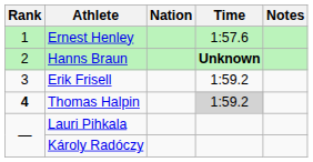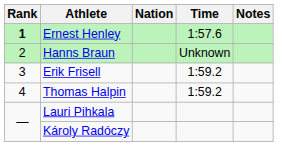 <table class="wikitable sortable" style="text-align:center">
 <tr>
 <th>Rank</th>
 <th>Athlete</th>
 <th>Nation</th>
 <th>Time</th>
 <th>Notes</th>
 </tr>
 <tr bgcolor=bbf3bb>
-<td>1</td>
+<td><strong>1</strong></td>
 <td align=left><a href='#'>Ernest Henley</a></td>
 <td align=left></td>
 <td>1:57.6</td>
 <td></td>
 </tr>
 <tr bgcolor=bbf3bb>
 <td>2</td>
 <td align=left><a href='#'>Hanns Braun</a></td>
 <td align=left></td>
-<td data-sort-value=1:58.0><strong>Unknown</strong></td>
+<td data-sort-value=1:58.0>Unknown</td>
 <td></td>
 </tr>
 <tr>
 <td>3</td>
 <td align=left><a href='#'>Erik Frisell</a></td>
 <td align=left></td>
 <td>1:59.2</td>
 <td></td>
 </tr>
 <tr>
-<td><strong>4</strong></td>
+<td>4</td>
 <td align=left><a href='#'>Thomas Halpin</a></td>
 <td align=left></td>
-<td style="background: lightgrey;">1:59.2</td>
+<td>1:59.2</td>
 <td></td>
 </tr>
 <tr>
 <td rowspan=2 data-sort-value=5>—</td>
 <td align=left><a href='#'>Lauri Pihkala</a></td>
 <td align=left></td>
 <td></td>
 <td></td>
 </tr>
 <tr>
 <td align=left><a href='#'>Károly Radóczy</a></td>
 <td align=left></td>
 <td></td>
 <td></td>
 </tr>
 </table>
